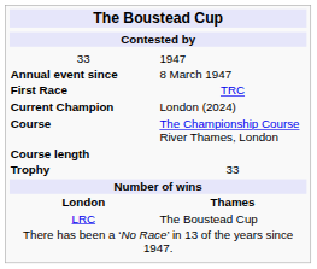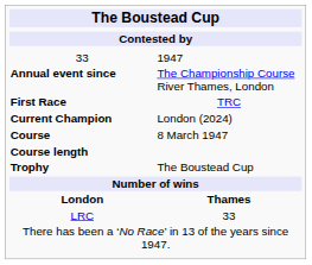 <table class="infobox" style="width: 26em;">
 <tr>
 <td colspan="2" style="text-align: center; font-size: 125%; background:lavender;"><strong>The Boustead Cup</strong></td>
 </tr>
 <tr>
 <td colspan="2" style="width:100%; vertical-align:middle; text-align:center;"></td>
 </tr>
 <tr>
 <td colspan="2" style="text-align: center; font-size: 100%; background:lavender;"><strong>Contested by</strong></td>
 </tr>
 <tr>
 <td style="width:50%; vertical-align:middle; text-align:center;"></td>
 <td style="width:50%; vertical-align:middle; text-align:center;"></td>
 </tr>
 <tr>
 <td style="text-align:center;">33</td>
 <td>1947</td>
 </tr>
 <tr>
 <td><strong>Annual event since</strong></td>
-<td>8 March 1947</td>
+<td><a href='#'>The Championship Course</a><br>River Thames, London</td>
 </tr>
 <tr>
 <td><strong>First Race</strong></td>
 <td style="text-align:center;"><a href='#'>TRC</a></td>
 </tr>
 <tr>
 <td><strong>Current Champion</strong></td>
 <td>London (2024)</td>
 </tr>
 <tr>
 </tr>
 <tr>
 <td><strong>Course</strong></td>
-<td><a href='#'>The Championship Course</a><br>River Thames, London</td>
+<td>8 March 1947</td>
 </tr>
 <tr>
 <td><strong>Course length</strong></td>
 <td></td>
 </tr>
 <tr>
 <td><strong>Trophy</strong></td>
-<td style="text-align:center;">33 <br></td>
+<td>The Boustead Cup</td>
 </tr>
 <tr>
 <td colspan="2" style="text-align: center; font-size: 100%; background:lavender;"><strong>Number of wins</strong></td>
 </tr>
 <tr>
 <td style="text-align:center;"><strong>London</strong></td>
 <td style="text-align:center;"><strong>Thames</strong></td>
 </tr>
 <tr>
 <td style="text-align:center;"><a href='#'>LRC</a></td>
-<td>The Boustead Cup</td>
+<td style="text-align:center;">33 <br></td>
 </tr>
 <tr>
 <td colspan="2" style="text-align: center; font-size: 100%;">There has been a ‘<em>No Race</em>’  in 13 of the years since 1947.</td>
 </tr>
 <tr>
 <td colspan="2" style="text-align:center;"></td>
 </tr>
 </table>
